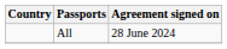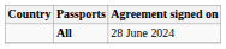 <table class="wikitable">
 <tr>
 <th>Country</th>
 <th>Passports</th>
 <th>Agreement signed on</th>
 </tr>
 <tr>
 <td></td>
-<td>All</td>
+<td><strong>All</strong></td>
 <td>28 June 2024</td>
 </tr>
 <tr>
 </tr>
 </table>
